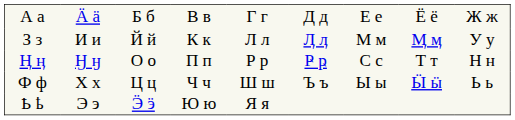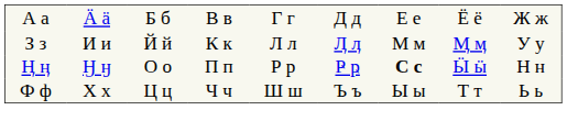 <table style="font-family:Microsoft Serif; font-size:1.6em; border-color:#000000; border-width:1px; border-style:solid; border-collapse:collapse; background-color:#F8F8EF; text-align:center; margin-top:1em; margin-bottom:1em;">
 <tr>
 <td style="width:3em; text-align:center; padding: 3px;">А а</td>
 <td style="width:3em; text-align:center; padding: 3px;"><a href='#'>Ӓ ӓ</a></td>
 <td style="width:3em; text-align:center; padding: 3px;">Б б</td>
 <td style="width:3em; text-align:center; padding: 3px;">В в</td>
 <td style="width:3.5em">Г г</td>
 <td style="width:3em; text-align:center; padding: 3px;">Д д</td>
 <td style="width:3em; text-align:center; padding: 3px;">Е е</td>
 <td style="width:3em; text-align:center; padding: 3px;">Ё ё</td>
 <td style="width:3em; text-align:center; padding: 3px;">Ж ж</td>
 </tr>
 <tr>
 <td>З з</td>
 <td>И и</td>
 <td>Й й</td>
 <td>К к</td>
 <td>Л л</td>
 <td><a href='#'>Ӆ ӆ</a></td>
 <td>М м</td>
 <td><a href='#'>Ӎ ӎ</a></td>
 <td>У у</td>
 </tr>
 <tr>
 <td><a href='#'>Ӊ ӊ</a></td>
 <td><a href='#'>Ӈ ӈ</a></td>
 <td>О о</td>
 <td>П п</td>
 <td>Р р</td>
 <td><a href='#'>Ҏ ҏ</a></td>
-<td>С с</td>
-<td>Т т</td>
+<td><strong>С с</strong></td>
+<td><a href='#'>Ӹ ӹ</a></td>
 <td>Н н</td>
 </tr>
 <tr>
 <td>Ф ф</td>
 <td>Х х</td>
 <td>Ц ц</td>
 <td>Ч ч</td>
 <td>Ш ш</td>
 <td>Ъ ъ</td>
 <td>Ы ы</td>
-<td><a href='#'>Ӹ ӹ</a></td>
+<td>Т т</td>
 <td>Ь ь</td>
 </tr>
-<tr>
-<td>Ҍ ҍ</td>
-<td>Э э</td>
-<td><a href='#'>Ӭ ӭ</a></td>
-<td>Ю ю</td>
-<td>Я я</td>
-<td></td>
-<td></td>
-<td></td>
-<td></td>
-</tr>
 </table>
